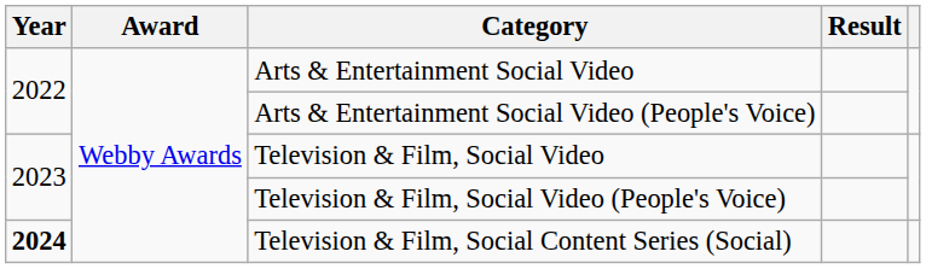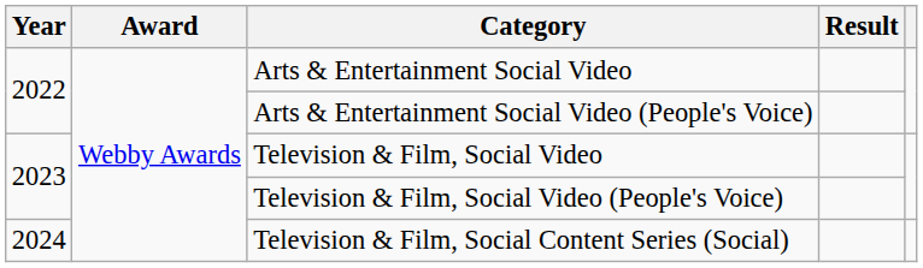 <table class="wikitable">
 <tr>
 <th>Year</th>
 <th>Award</th>
 <th>Category</th>
 <th>Result</th>
 <th></th>
 </tr>
 <tr>
 <td rowspan="2">2022</td>
 <td rowspan="5"><a href='#'>Webby Awards</a></td>
 <td>Arts & Entertainment Social Video</td>
 <td></td>
 <td rowspan="2"></td>
 </tr>
 <tr>
 <td>Arts & Entertainment Social Video (People's Voice)</td>
 <td></td>
 </tr>
 <tr>
 <td rowspan="2">2023</td>
 <td>Television & Film, Social Video</td>
 <td></td>
 <td rowspan="2"></td>
 </tr>
 <tr>
 <td>Television & Film, Social Video (People's Voice)</td>
 <td></td>
 </tr>
 <tr>
-<td><strong>2024</strong></td>
+<td>2024</td>
 <td>Television & Film, Social Content Series (Social)</td>
 <td></td>
 <td></td>
 </tr>
 </table>
